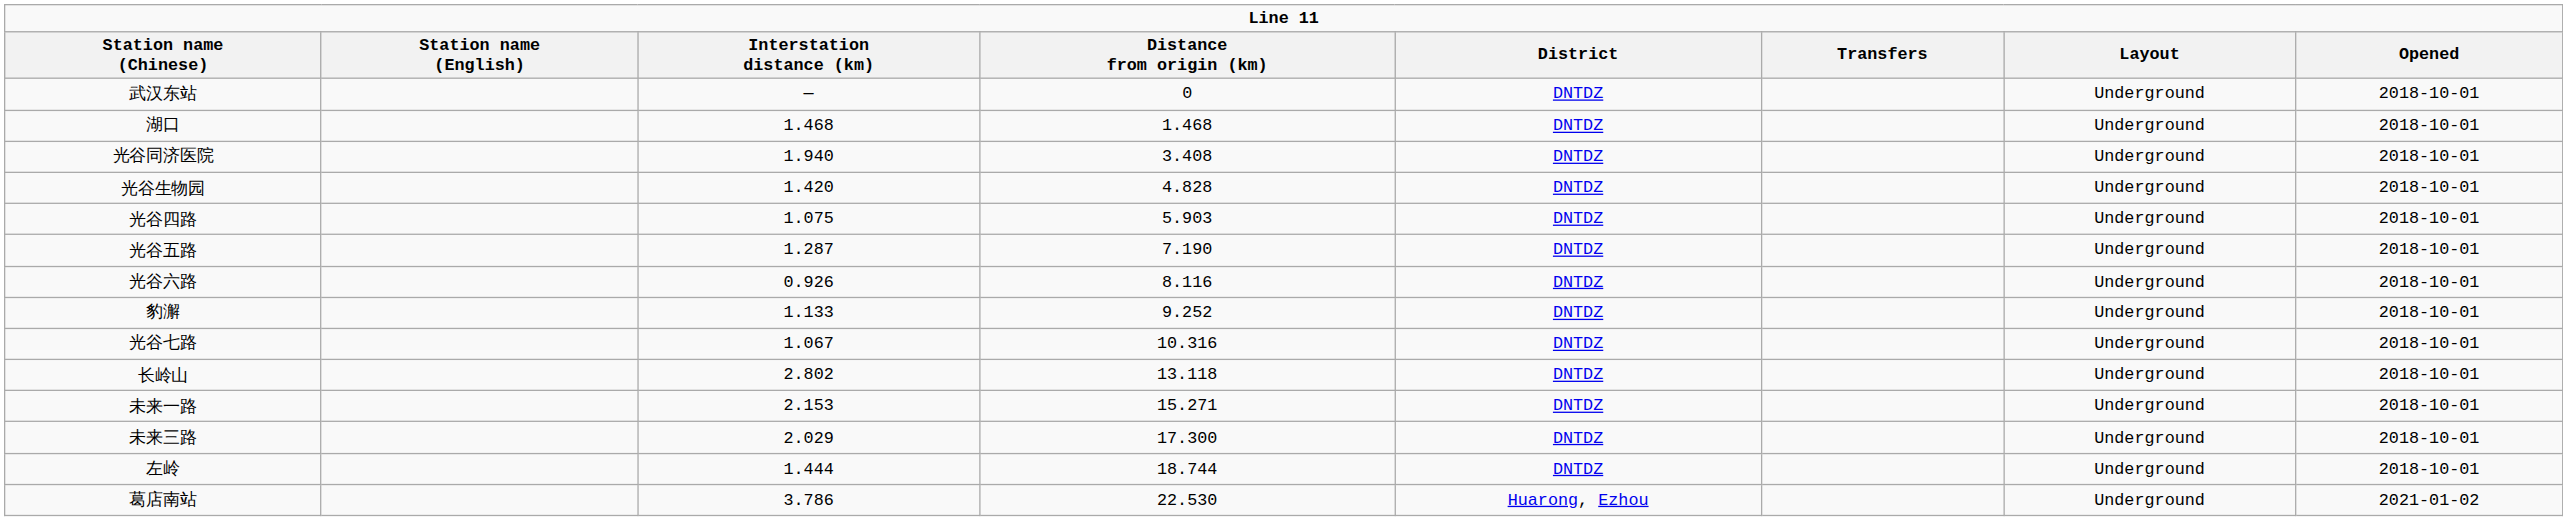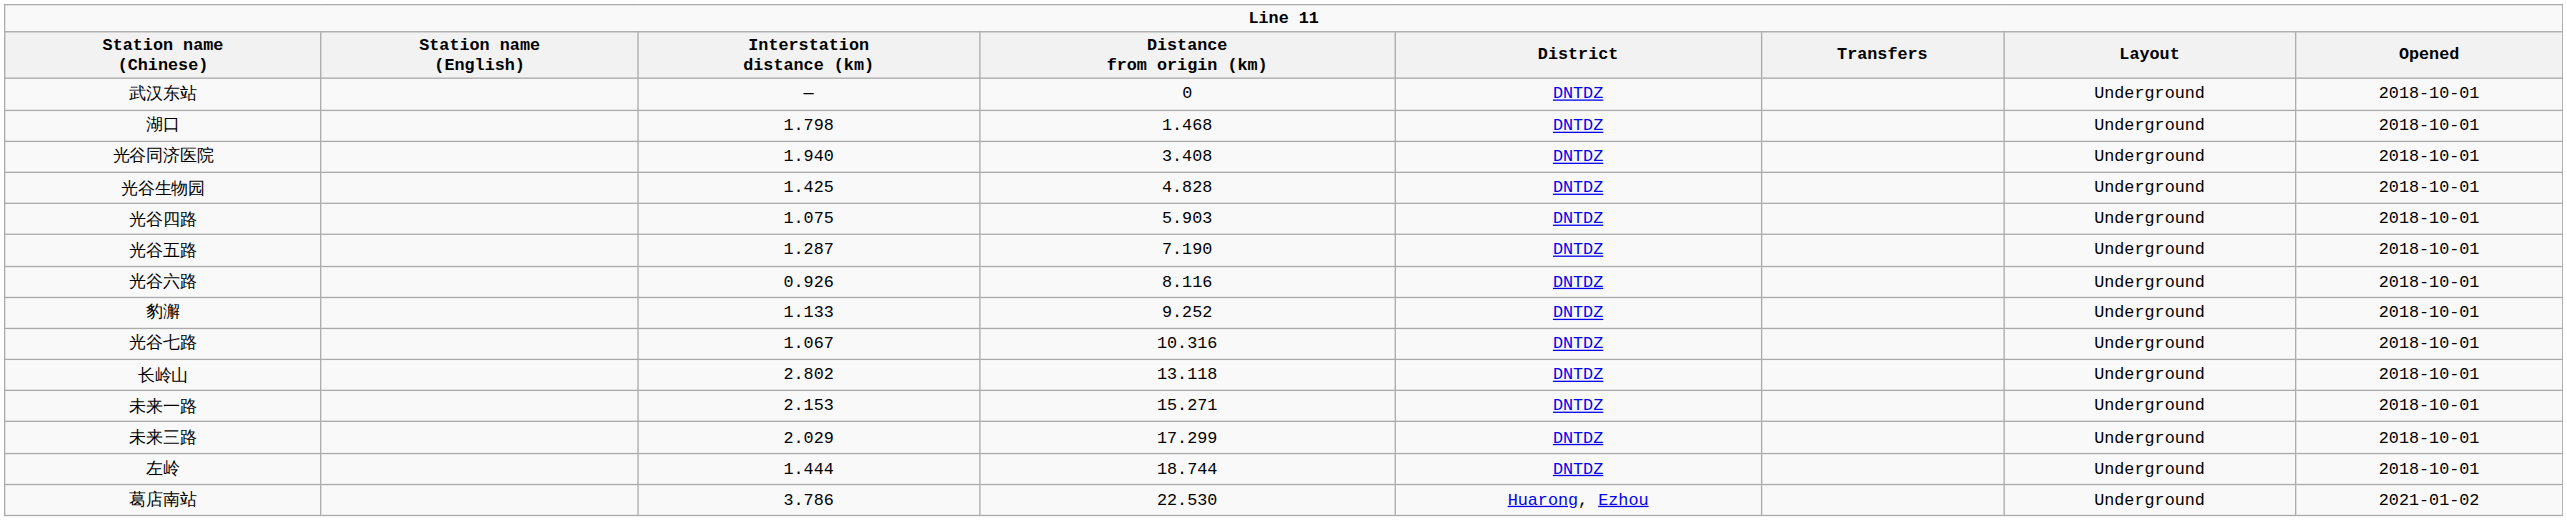 <table class="wikitable" style="width:100%; text-align: center;">
 <tr>
 <td align=center colspan=10><span><strong>Line 11</strong></span></td>
 </tr>
 <tr bgcolor="#CCCCCC">
 <th>Station name<br>(Chinese)</th>
 <th>Station name<br>(English)</th>
 <th>Interstation<br>distance (km)</th>
 <th>Distance<br>from origin (km)</th>
 <th>District</th>
 <th>Transfers</th>
 <th>Layout</th>
 <th>Opened</th>
 </tr>
 <tr>
 <td>武汉东站</td>
 <td></td>
 <td>—</td>
 <td>0</td>
 <td><a href='#'>DNTDZ</a></td>
 <td></td>
 <td>Underground</td>
 <td>2018-10-01</td>
 </tr>
 <tr>
 <td>湖口</td>
 <td></td>
-<td>1.468</td>
+<td>1.798</td>
 <td>1.468</td>
 <td><a href='#'>DNTDZ</a></td>
 <td></td>
 <td>Underground</td>
 <td>2018-10-01</td>
 </tr>
 <tr>
 <td>光谷同济医院</td>
 <td></td>
 <td>1.940</td>
 <td>3.408</td>
 <td><a href='#'>DNTDZ</a></td>
 <td></td>
 <td>Underground</td>
 <td>2018-10-01</td>
 </tr>
 <tr>
 <td>光谷生物园</td>
 <td></td>
-<td>1.420</td>
+<td>1.425</td>
 <td>4.828</td>
 <td><a href='#'>DNTDZ</a></td>
 <td></td>
 <td>Underground</td>
 <td>2018-10-01</td>
 </tr>
 <tr>
 <td>光谷四路</td>
 <td></td>
 <td>1.075</td>
 <td>5.903</td>
 <td><a href='#'>DNTDZ</a></td>
 <td></td>
 <td>Underground</td>
 <td>2018-10-01</td>
 </tr>
 <tr>
 <td>光谷五路</td>
 <td></td>
 <td>1.287</td>
 <td>7.190</td>
 <td><a href='#'>DNTDZ</a></td>
 <td></td>
 <td>Underground</td>
 <td>2018-10-01</td>
 </tr>
 <tr>
 <td>光谷六路</td>
 <td></td>
 <td>0.926</td>
 <td>8.116</td>
 <td><a href='#'>DNTDZ</a></td>
 <td></td>
 <td>Underground</td>
 <td>2018-10-01</td>
 </tr>
 <tr>
 <td>豹澥</td>
 <td></td>
 <td>1.133</td>
 <td>9.252</td>
 <td><a href='#'>DNTDZ</a></td>
 <td></td>
 <td>Underground</td>
 <td>2018-10-01</td>
 </tr>
 <tr>
 <td>光谷七路</td>
 <td></td>
 <td>1.067</td>
 <td>10.316</td>
 <td><a href='#'>DNTDZ</a></td>
 <td></td>
 <td>Underground</td>
 <td>2018-10-01</td>
 </tr>
 <tr>
 <td>长岭山</td>
 <td></td>
 <td>2.802</td>
 <td>13.118</td>
 <td><a href='#'>DNTDZ</a></td>
 <td></td>
 <td>Underground</td>
 <td>2018-10-01</td>
 </tr>
 <tr>
 <td>未来一路</td>
 <td></td>
 <td>2.153</td>
 <td>15.271</td>
 <td><a href='#'>DNTDZ</a></td>
 <td></td>
 <td>Underground</td>
 <td>2018-10-01</td>
 </tr>
 <tr>
 <td>未来三路</td>
 <td></td>
 <td>2.029</td>
-<td>17.300</td>
+<td>17.299</td>
 <td><a href='#'>DNTDZ</a></td>
 <td></td>
 <td>Underground</td>
 <td>2018-10-01</td>
 </tr>
 <tr>
 <td>左岭</td>
 <td></td>
 <td>1.444</td>
 <td>18.744</td>
 <td><a href='#'>DNTDZ</a></td>
 <td></td>
 <td>Underground</td>
 <td>2018-10-01</td>
 </tr>
 <tr>
 <td>葛店南站</td>
 <td></td>
 <td>3.786</td>
 <td>22.530</td>
 <td><a href='#'>Huarong</a>, <a href='#'>Ezhou</a></td>
 <td></td>
 <td>Underground</td>
 <td>2021-01-02</td>
 </tr>
 </table>
